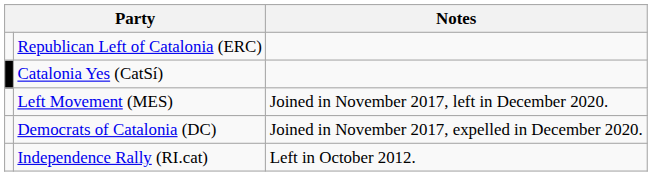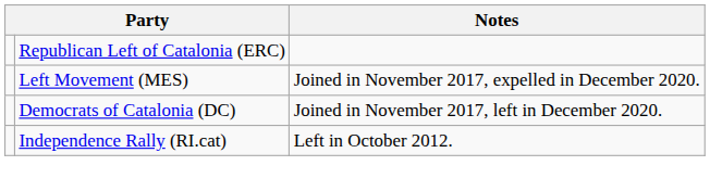 <table class="wikitable" style="text-align:left; font-size:95%;">
 <tr>
 <th colspan="2">Party</th>
 <th>Notes</th>
 </tr>
 <tr>
 <td width="1"></td>
 <td><a href='#'>Republican Left of Catalonia</a> (ERC)</td>
 <td></td>
 </tr>
 <tr>
-<td bgcolor="black"></td>
-<td><a href='#'>Catalonia Yes</a> (CatSí)</td>
-<td></td>
-</tr>
-<tr>
 <td></td>
 <td><a href='#'>Left Movement</a> (MES)</td>
-<td>Joined in November 2017, left in December 2020.</td>
+<td>Joined in November 2017, expelled in December 2020.</td>
 </tr>
 <tr>
 <td></td>
 <td><a href='#'>Democrats of Catalonia</a> (DC)</td>
-<td>Joined in November 2017, expelled in December 2020.</td>
+<td>Joined in November 2017, left in December 2020.</td>
 </tr>
 <tr>
 <td></td>
 <td><a href='#'>Independence Rally</a> (RI.cat)</td>
 <td>Left in October 2012.</td>
 </tr>
 </table>
